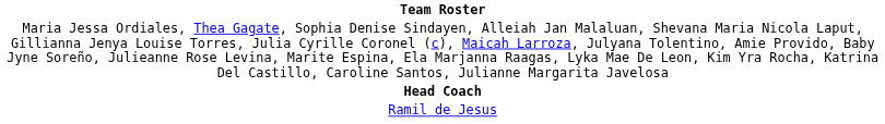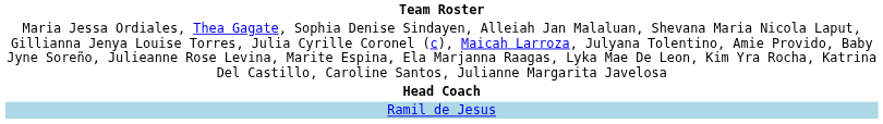 <table style="text-align:center;margin-top:2em; margin-left:auto;margin-right:auto">
 <tr>
 <td><strong>Team Roster</strong></td>
 </tr>
 <tr>
 <td>Maria Jessa Ordiales, <a href='#'>Thea Gagate</a>, Sophia Denise Sindayen, Alleiah Jan Malaluan, Shevana Maria Nicola Laput, Gillianna Jenya Louise Torres, Julia Cyrille Coronel (<a href='#'>c</a>), <a href='#'>Maicah Larroza</a>, Julyana Tolentino, Amie Provido, Baby Jyne Soreño, Julieanne Rose Levina, Marite Espina, Ela Marjanna Raagas, Lyka Mae De Leon, Kim Yra Rocha, Katrina Del Castillo, Caroline Santos, Julianne Margarita Javelosa</td>
 </tr>
 <tr>
 <td><strong>Head Coach</strong></td>
 </tr>
 <tr>
-<td><a href='#'>Ramil de Jesus</a></td>
+<td style="background: lightblue;"><a href='#'>Ramil de Jesus</a></td>
 </tr>
 </table>
